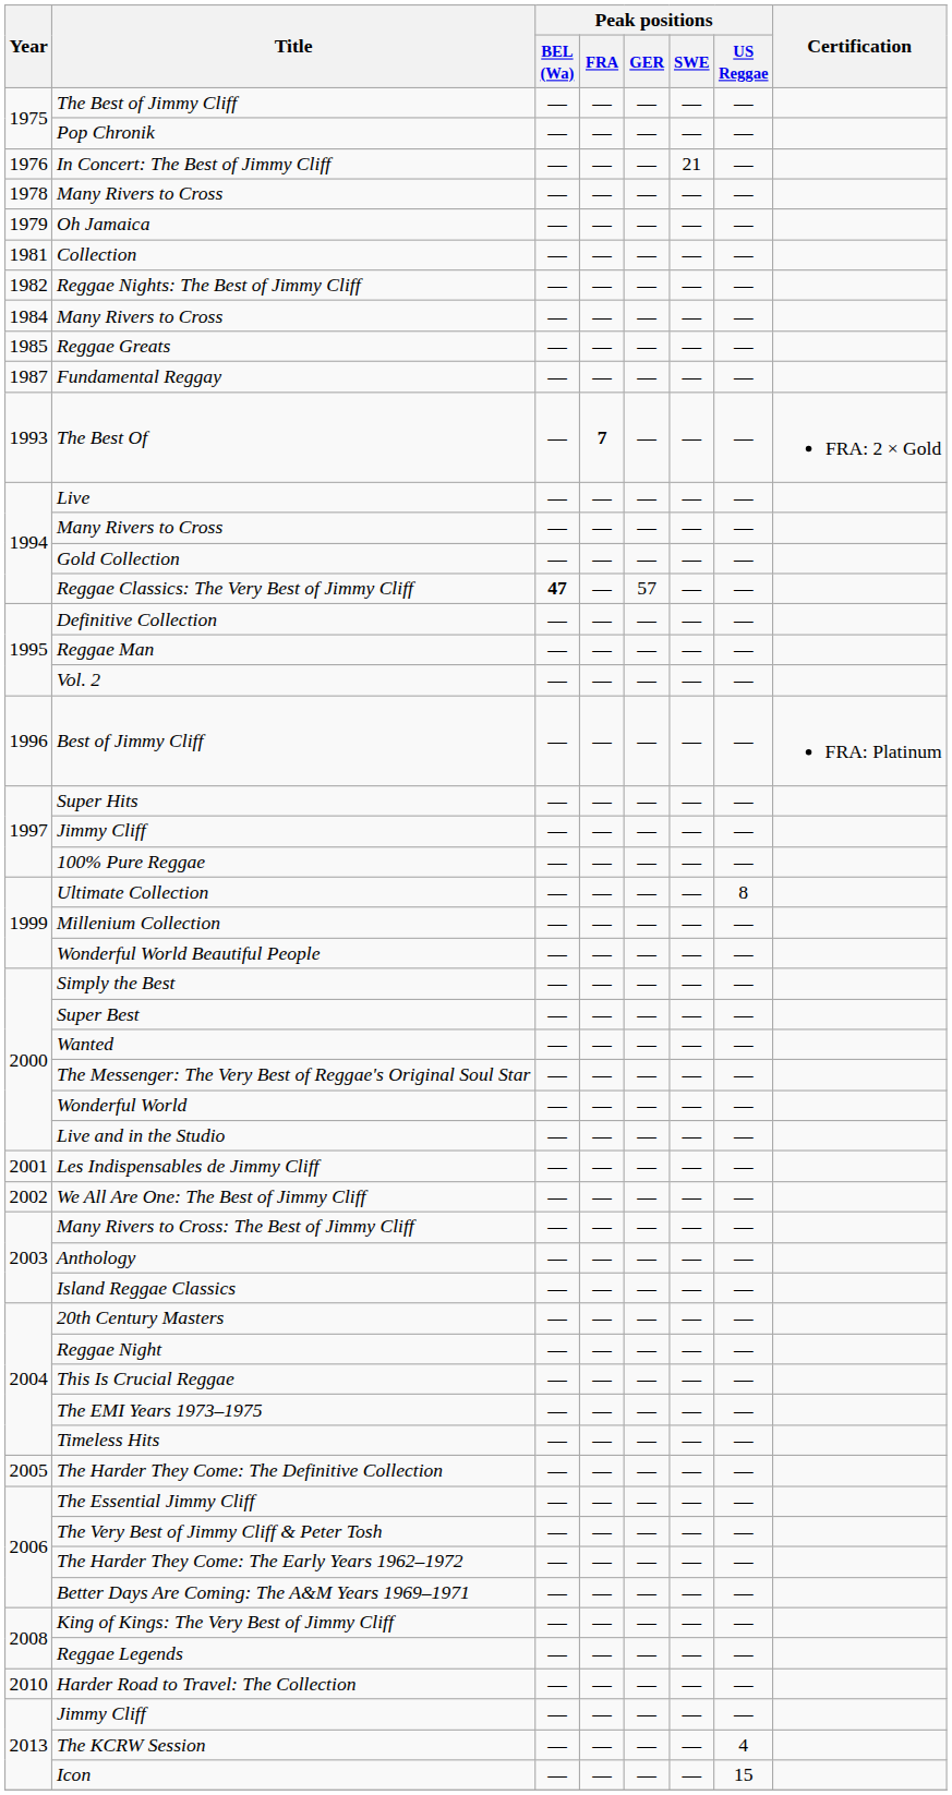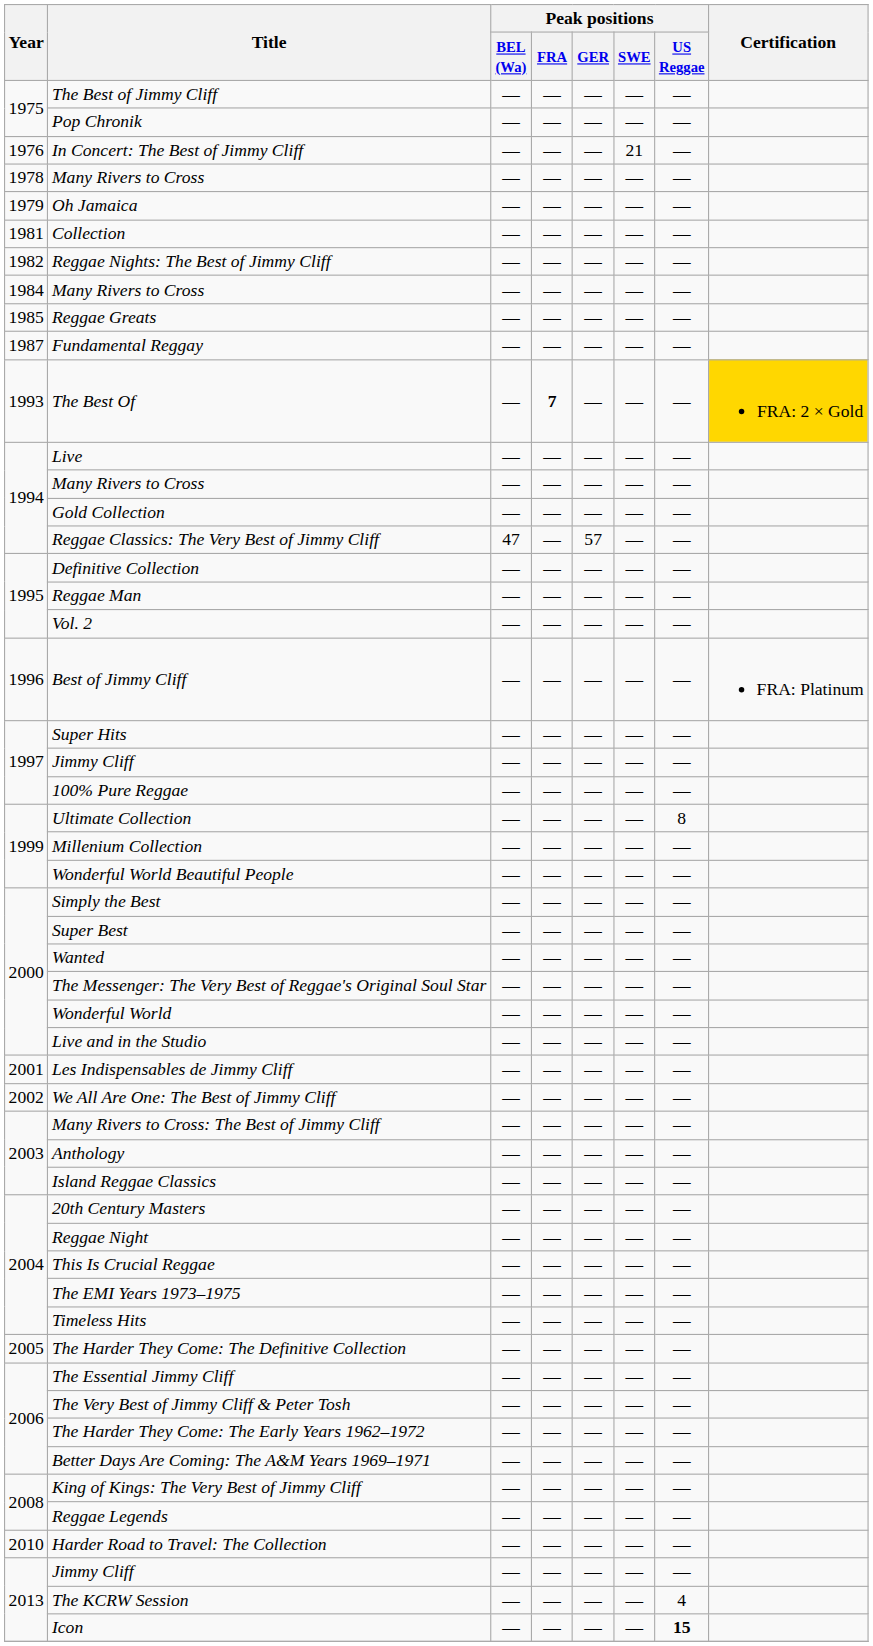 <table class="wikitable" style="text-align:center;">
 <tr>
 <th rowspan="2">Year</th>
 <th rowspan="2">Title</th>
 <th colspan="5">Peak positions</th>
 <th rowspan="2">Certification</th>
 </tr>
 <tr>
 <th scope="col" width="30"><small><a href='#'>BEL<br>(Wa)</a></small><br></th>
 <th scope="col" width="30"><small><a href='#'>FRA</a></small><br></th>
 <th scope="col" width="30"><small><a href='#'>GER</a></small><br></th>
 <th scope="col" width="30"><small><a href='#'>SWE</a></small><br></th>
 <th scope="col" width="30"><small><a href='#'>US<br>Reggae</a></small><br></th>
 </tr>
 <tr>
 <td rowspan="2">1975</td>
 <td align="left"><em>The Best of Jimmy Cliff</em></td>
 <td>—</td>
 <td>—</td>
 <td>—</td>
 <td>—</td>
 <td>—</td>
 <td></td>
 </tr>
 <tr>
 <td align="left"><em>Pop Chronik</em></td>
 <td>—</td>
 <td>—</td>
 <td>—</td>
 <td>—</td>
 <td>—</td>
 <td></td>
 </tr>
 <tr>
 <td rowspan="1">1976</td>
 <td align="left"><em>In Concert: The Best of Jimmy Cliff</em></td>
 <td>—</td>
 <td>—</td>
 <td>—</td>
 <td>21</td>
 <td>—</td>
 <td></td>
 </tr>
 <tr>
 <td rowspan="1">1978</td>
 <td align="left"><em>Many Rivers to Cross</em></td>
 <td>—</td>
 <td>—</td>
 <td>—</td>
 <td>—</td>
 <td>—</td>
 <td></td>
 </tr>
 <tr>
 <td rowspan="1">1979</td>
 <td align="left"><em>Oh Jamaica</em></td>
 <td>—</td>
 <td>—</td>
 <td>—</td>
 <td>—</td>
 <td>—</td>
 <td></td>
 </tr>
 <tr>
 <td rowspan="1">1981</td>
 <td align="left"><em>Collection</em></td>
 <td>—</td>
 <td>—</td>
 <td>—</td>
 <td>—</td>
 <td>—</td>
 <td></td>
 </tr>
 <tr>
 <td rowspan="1">1982</td>
 <td align="left"><em>Reggae Nights: The Best of Jimmy Cliff</em></td>
 <td>—</td>
 <td>—</td>
 <td>—</td>
 <td>—</td>
 <td>—</td>
 <td></td>
 </tr>
 <tr>
 <td rowspan="1">1984</td>
 <td align="left"><em>Many Rivers to Cross</em></td>
 <td>—</td>
 <td>—</td>
 <td>—</td>
 <td>—</td>
 <td>—</td>
 <td></td>
 </tr>
 <tr>
 <td rowspan="1">1985</td>
 <td align="left"><em>Reggae Greats</em></td>
 <td>—</td>
 <td>—</td>
 <td>—</td>
 <td>—</td>
 <td>—</td>
 <td></td>
 </tr>
 <tr>
 <td rowspan="1">1987</td>
 <td align="left"><em>Fundamental Reggay</em></td>
 <td>—</td>
 <td>—</td>
 <td>—</td>
 <td>—</td>
 <td>—</td>
 <td></td>
 </tr>
 <tr>
 <td rowspan="1">1993</td>
 <td align="left"><em>The Best Of</em></td>
 <td>—</td>
 <td><strong>7</strong></td>
 <td>—</td>
 <td>—</td>
 <td>—</td>
-<td><br><ul><li>FRA: 2 × Gold</li></ul></td>
+<td style="background: gold;"><br><ul><li>FRA: 2 × Gold</li></ul></td>
 </tr>
 <tr>
 <td rowspan="4">1994</td>
 <td align="left"><em>Live</em></td>
 <td>—</td>
 <td>—</td>
 <td>—</td>
 <td>—</td>
 <td>—</td>
 <td></td>
 </tr>
 <tr>
 <td align="left"><em>Many Rivers to Cross</em></td>
 <td>—</td>
 <td>—</td>
 <td>—</td>
 <td>—</td>
 <td>—</td>
 <td></td>
 </tr>
 <tr>
 <td align="left"><em>Gold Collection</em></td>
 <td>—</td>
 <td>—</td>
 <td>—</td>
 <td>—</td>
 <td>—</td>
 <td></td>
 </tr>
 <tr>
 <td align="left"><em>Reggae Classics: The Very Best of Jimmy Cliff</em></td>
-<td><strong>47</strong></td>
+<td>47</td>
 <td>—</td>
 <td>57</td>
 <td>—</td>
 <td>—</td>
 <td></td>
 </tr>
 <tr>
 <td rowspan="3">1995</td>
 <td align="left"><em>Definitive Collection</em></td>
 <td>—</td>
 <td>—</td>
 <td>—</td>
 <td>—</td>
 <td>—</td>
 <td></td>
 </tr>
 <tr>
 <td align="left"><em>Reggae Man</em></td>
 <td>—</td>
 <td>—</td>
 <td>—</td>
 <td>—</td>
 <td>—</td>
 <td></td>
 </tr>
 <tr>
 <td align="left"><em>Vol. 2</em></td>
 <td>—</td>
 <td>—</td>
 <td>—</td>
 <td>—</td>
 <td>—</td>
 <td></td>
 </tr>
 <tr>
 <td rowspan="1">1996</td>
 <td align="left"><em>Best of Jimmy Cliff</em></td>
 <td>—</td>
 <td>—</td>
 <td>—</td>
 <td>—</td>
 <td>—</td>
 <td><br><ul><li>FRA: Platinum</li></ul></td>
 </tr>
 <tr>
 <td rowspan="3">1997</td>
 <td align="left"><em>Super Hits</em></td>
 <td>—</td>
 <td>—</td>
 <td>—</td>
 <td>—</td>
 <td>—</td>
 <td></td>
 </tr>
 <tr>
 <td align="left"><em>Jimmy Cliff</em></td>
 <td>—</td>
 <td>—</td>
 <td>—</td>
 <td>—</td>
 <td>—</td>
 <td></td>
 </tr>
 <tr>
 <td align="left"><em>100% Pure Reggae</em></td>
 <td>—</td>
 <td>—</td>
 <td>—</td>
 <td>—</td>
 <td>—</td>
 <td></td>
 </tr>
 <tr>
 <td rowspan="3">1999</td>
 <td align="left"><em>Ultimate Collection</em></td>
 <td>—</td>
 <td>—</td>
 <td>—</td>
 <td>—</td>
 <td>8</td>
 <td></td>
 </tr>
 <tr>
 <td align="left"><em>Millenium Collection</em></td>
 <td>—</td>
 <td>—</td>
 <td>—</td>
 <td>—</td>
 <td>—</td>
 <td></td>
 </tr>
 <tr>
 <td align="left"><em>Wonderful World Beautiful People</em></td>
 <td>—</td>
 <td>—</td>
 <td>—</td>
 <td>—</td>
 <td>—</td>
 <td></td>
 </tr>
 <tr>
 <td rowspan="6">2000</td>
 <td align="left"><em>Simply the Best</em></td>
 <td>—</td>
 <td>—</td>
 <td>—</td>
 <td>—</td>
 <td>—</td>
 <td></td>
 </tr>
 <tr>
 <td align="left"><em>Super Best</em></td>
 <td>—</td>
 <td>—</td>
 <td>—</td>
 <td>—</td>
 <td>—</td>
 <td></td>
 </tr>
 <tr>
 <td align="left"><em>Wanted</em></td>
 <td>—</td>
 <td>—</td>
 <td>—</td>
 <td>—</td>
 <td>—</td>
 <td></td>
 </tr>
 <tr>
 <td align="left"><em>The Messenger: The Very Best of Reggae's Original Soul Star</em></td>
 <td>—</td>
 <td>—</td>
 <td>—</td>
 <td>—</td>
 <td>—</td>
 <td></td>
 </tr>
 <tr>
 <td align="left"><em>Wonderful World</em></td>
 <td>—</td>
 <td>—</td>
 <td>—</td>
 <td>—</td>
 <td>—</td>
 <td></td>
 </tr>
 <tr>
 <td align="left"><em>Live and in the Studio</em></td>
 <td>—</td>
 <td>—</td>
 <td>—</td>
 <td>—</td>
 <td>—</td>
 <td></td>
 </tr>
 <tr>
 <td rowspan="1">2001</td>
 <td align="left"><em>Les Indispensables de Jimmy Cliff</em></td>
 <td>—</td>
 <td>—</td>
 <td>—</td>
 <td>—</td>
 <td>—</td>
 <td></td>
 </tr>
 <tr>
 <td rowspan="1">2002</td>
 <td align="left"><em>We All Are One: The Best of Jimmy Cliff</em></td>
 <td>—</td>
 <td>—</td>
 <td>—</td>
 <td>—</td>
 <td>—</td>
 <td></td>
 </tr>
 <tr>
 <td rowspan="3">2003</td>
 <td align="left"><em>Many Rivers to Cross: The Best of Jimmy Cliff</em></td>
 <td>—</td>
 <td>—</td>
 <td>—</td>
 <td>—</td>
 <td>—</td>
 <td></td>
 </tr>
 <tr>
 <td align="left"><em>Anthology</em></td>
 <td>—</td>
 <td>—</td>
 <td>—</td>
 <td>—</td>
 <td>—</td>
 <td></td>
 </tr>
 <tr>
 <td align="left"><em>Island Reggae Classics</em></td>
 <td>—</td>
 <td>—</td>
 <td>—</td>
 <td>—</td>
 <td>—</td>
 <td></td>
 </tr>
 <tr>
 <td rowspan="5">2004</td>
 <td align="left"><em>20th Century Masters</em></td>
 <td>—</td>
 <td>—</td>
 <td>—</td>
 <td>—</td>
 <td>—</td>
 <td></td>
 </tr>
 <tr>
 <td align="left"><em>Reggae Night</em></td>
 <td>—</td>
 <td>—</td>
 <td>—</td>
 <td>—</td>
 <td>—</td>
 <td></td>
 </tr>
 <tr>
 <td align="left"><em>This Is Crucial Reggae</em></td>
 <td>—</td>
 <td>—</td>
 <td>—</td>
 <td>—</td>
 <td>—</td>
 <td></td>
 </tr>
 <tr>
 <td align="left"><em>The EMI Years 1973–1975</em></td>
 <td>—</td>
 <td>—</td>
 <td>—</td>
 <td>—</td>
 <td>—</td>
 <td></td>
 </tr>
 <tr>
 <td align="left"><em>Timeless Hits</em></td>
 <td>—</td>
 <td>—</td>
 <td>—</td>
 <td>—</td>
 <td>—</td>
 <td></td>
 </tr>
 <tr>
 <td rowspan="1">2005</td>
 <td align="left"><em>The Harder They Come: The Definitive Collection</em></td>
 <td>—</td>
 <td>—</td>
 <td>—</td>
 <td>—</td>
 <td>—</td>
 <td></td>
 </tr>
 <tr>
 <td rowspan="4">2006</td>
 <td align="left"><em>The Essential Jimmy Cliff</em></td>
 <td>—</td>
 <td>—</td>
 <td>—</td>
 <td>—</td>
 <td>—</td>
 <td></td>
 </tr>
 <tr>
 <td align="left"><em>The Very Best of Jimmy Cliff & Peter Tosh</em></td>
 <td>—</td>
 <td>—</td>
 <td>—</td>
 <td>—</td>
 <td>—</td>
 <td></td>
 </tr>
 <tr>
 <td align="left"><em>The Harder They Come: The Early Years 1962–1972</em></td>
 <td>—</td>
 <td>—</td>
 <td>—</td>
 <td>—</td>
 <td>—</td>
 <td></td>
 </tr>
 <tr>
 <td align="left"><em>Better Days Are Coming: The A&M Years 1969–1971</em></td>
 <td>—</td>
 <td>—</td>
 <td>—</td>
 <td>—</td>
 <td>—</td>
 <td></td>
 </tr>
 <tr>
 <td rowspan="2">2008</td>
 <td align="left"><em>King of Kings: The Very Best of Jimmy Cliff</em></td>
 <td>—</td>
 <td>—</td>
 <td>—</td>
 <td>—</td>
 <td>—</td>
 <td></td>
 </tr>
 <tr>
 <td align="left"><em>Reggae Legends</em></td>
 <td>—</td>
 <td>—</td>
 <td>—</td>
 <td>—</td>
 <td>—</td>
 <td></td>
 </tr>
 <tr>
 <td rowspan="1">2010</td>
 <td align="left"><em>Harder Road to Travel: The Collection</em></td>
 <td>—</td>
 <td>—</td>
 <td>—</td>
 <td>—</td>
 <td>—</td>
 <td></td>
 </tr>
 <tr>
 <td rowspan="3">2013</td>
 <td align="left"><em>Jimmy Cliff</em></td>
 <td>—</td>
 <td>—</td>
 <td>—</td>
 <td>—</td>
 <td>—</td>
 <td></td>
 </tr>
 <tr>
 <td align="left"><em>The KCRW Session</em></td>
 <td>—</td>
 <td>—</td>
 <td>—</td>
 <td>—</td>
 <td>4</td>
 <td></td>
 </tr>
 <tr>
 <td align="left"><em>Icon</em></td>
 <td>—</td>
 <td>—</td>
 <td>—</td>
 <td>—</td>
-<td>15</td>
+<td><strong>15</strong></td>
 <td></td>
 </tr>
 <tr>
 </tr>
 </table>
